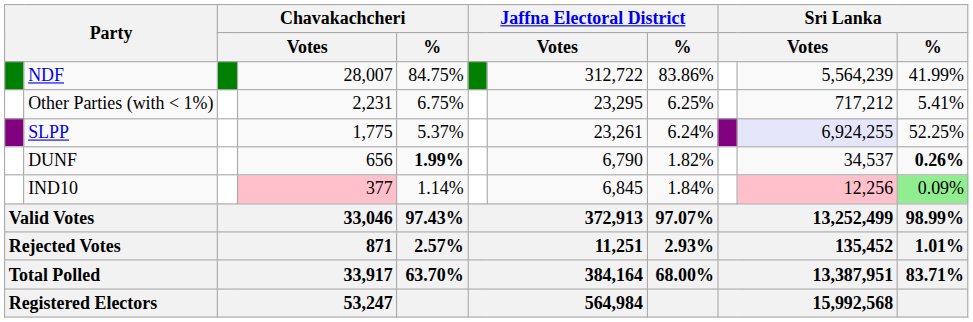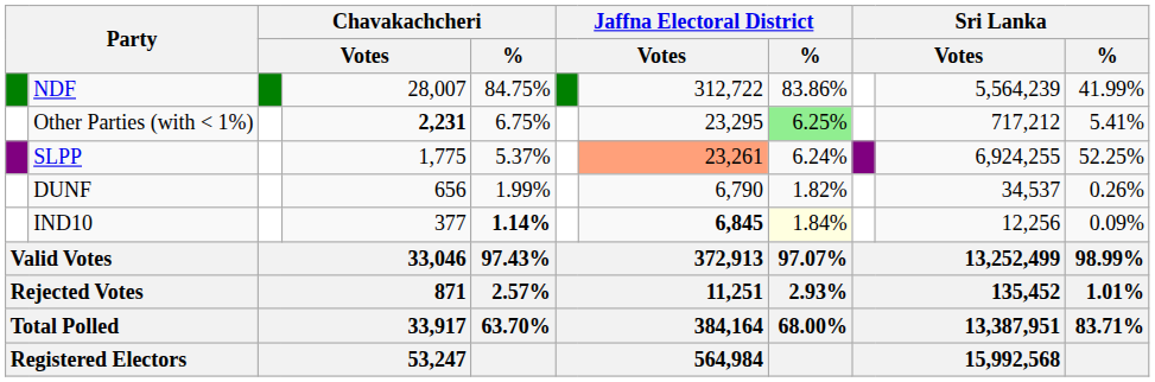 <table class="wikitable">
 <tr>
 <th colspan="2" width="144px"rowspan="2">Party</th>
 <th colspan="3" width="216px">Chavakachcheri</th>
 <th colspan="3" width="216px"><a href='#'>Jaffna Electoral District</a></th>
 <th colspan="3" width="216px">Sri Lanka</th>
 </tr>
 <tr>
 <th colspan="2" width="144px">Votes</th>
 <th>%</th>
 <th colspan="2" width="144px">Votes</th>
 <th>%</th>
 <th colspan="2" width="144px">Votes</th>
 <th>%</th>
 </tr>
 <tr>
 <td style="background-color:green;" width="10px"></td>
 <td style="text-align:left;"><a href='#'>NDF</a></td>
 <td style="background-color:green;" width="10px"></td>
 <td style="text-align:right;">28,007</td>
 <td style="text-align:right;">84.75%</td>
 <td style="background-color:green;" width="10px"></td>
 <td style="text-align:right;">312,722</td>
 <td style="text-align:right;">83.86%</td>
 <td style="background-color:white;" width="10px"></td>
 <td style="text-align:right;">5,564,239</td>
 <td style="text-align:right;">41.99%</td>
 </tr>
 <tr>
 <td style="background-color:white;" width="10px"></td>
 <td style="text-align:left;">Other Parties (with < 1%)</td>
 <td style="background-color:white;" width="10px"></td>
-<td style="text-align:right;">2,231</td>
+<td style="text-align:right;"><strong>2,231</strong></td>
 <td style="text-align:right;">6.75%</td>
 <td style="background-color:white;" width="10px"></td>
 <td style="text-align:right;">23,295</td>
-<td style="text-align:right;">6.25%</td>
+<td style="background: lightgreen; text-align:right;">6.25%</td>
 <td style="background-color:white;" width="10px"></td>
 <td style="text-align:right;">717,212</td>
 <td style="text-align:right;">5.41%</td>
 </tr>
 <tr>
 <td style="background-color:purple;" width="10px"></td>
 <td style="text-align:left;"><a href='#'>SLPP</a></td>
 <td style="background-color:white;" width="10px"></td>
 <td style="text-align:right;">1,775</td>
 <td style="text-align:right;">5.37%</td>
 <td style="background-color:white;" width="10px"></td>
-<td style="text-align:right;">23,261</td>
+<td style="background: lightsalmon; text-align:right;">23,261</td>
 <td style="text-align:right;">6.24%</td>
 <td style="background-color:purple;" width="10px"></td>
-<td style="background: lavender; text-align:right;">6,924,255</td>
+<td style="text-align:right;">6,924,255</td>
 <td style="text-align:right;">52.25%</td>
 </tr>
 <tr>
 <td style="background-color:white;" width="10px"></td>
 <td style="text-align:left;">DUNF</td>
 <td style="background-color:white;" width="10px"></td>
 <td style="text-align:right;">656</td>
-<td style="text-align:right;"><strong>1.99%</strong></td>
+<td style="text-align:right;">1.99%</td>
 <td style="background-color:white;" width="10px"></td>
 <td style="text-align:right;">6,790</td>
 <td style="text-align:right;">1.82%</td>
 <td style="background-color:white;" width="10px"></td>
 <td style="text-align:right;">34,537</td>
-<td style="text-align:right;"><strong>0.26%</strong></td>
+<td style="text-align:right;">0.26%</td>
 </tr>
 <tr>
 <td style="background-color:white;" width="10px"></td>
 <td style="text-align:left;">IND10</td>
 <td style="background-color:white;" width="10px"></td>
-<td style="background: pink; text-align:right;">377</td>
-<td style="text-align:right;">1.14%</td>
+<td style="text-align:right;">377</td>
+<td style="text-align:right;"><strong>1.14%</strong></td>
 <td style="background-color:white;" width="10px"></td>
-<td style="text-align:right;">6,845</td>
-<td style="text-align:right;">1.84%</td>
+<td style="text-align:right;"><strong>6,845</strong></td>
+<td style="background: lightyellow; text-align:right;">1.84%</td>
 <td style="background-color:white;" width="10px"></td>
-<td style="background: pink; text-align:right;">12,256</td>
-<td style="background: lightgreen; text-align:right;">0.09%</td>
+<td style="text-align:right;">12,256</td>
+<td style="text-align:right;">0.09%</td>
 </tr>
 <tr>
 <th colspan="2" width="144px"style="text-align:left;">Valid Votes</th>
 <th style="text-align:right;"colspan="2" width="144px">33,046</th>
 <th style="text-align:right;">97.43%</th>
 <th style="text-align:right;"colspan="2" width="144px">372,913</th>
 <th style="text-align:right;">97.07%</th>
 <th style="text-align:right;"colspan="2" width="144px">13,252,499</th>
 <th style="text-align:right;">98.99%</th>
 </tr>
 <tr>
 <th colspan="2" width="144px"style="text-align:left;">Rejected Votes</th>
 <th style="text-align:right;"colspan="2" width="144px">871</th>
 <th style="text-align:right;">2.57%</th>
 <th style="text-align:right;"colspan="2" width="144px">11,251</th>
 <th style="text-align:right;">2.93%</th>
 <th style="text-align:right;"colspan="2" width="144px">135,452</th>
 <th style="text-align:right;">1.01%</th>
 </tr>
 <tr>
 <th colspan="2" width="144px"style="text-align:left;">Total Polled</th>
 <th style="text-align:right;"colspan="2" width="144px">33,917</th>
 <th style="text-align:right;">63.70%</th>
 <th style="text-align:right;"colspan="2" width="144px">384,164</th>
 <th style="text-align:right;">68.00%</th>
 <th style="text-align:right;"colspan="2" width="144px">13,387,951</th>
 <th style="text-align:right;">83.71%</th>
 </tr>
 <tr>
 <th colspan="2" width="144px"style="text-align:left;">Registered Electors</th>
 <th style="text-align:right;"colspan="2" width="144px">53,247</th>
 <th></th>
 <th style="text-align:right;"colspan="2" width="144px">564,984</th>
 <th></th>
 <th style="text-align:right;"colspan="2" width="144px">15,992,568</th>
 <th></th>
 </tr>
 </table>
